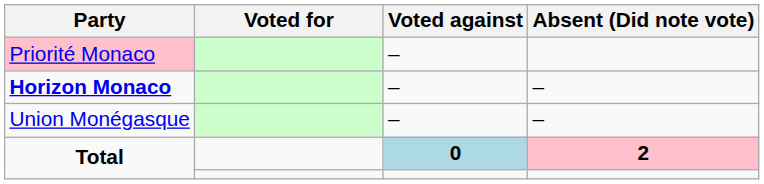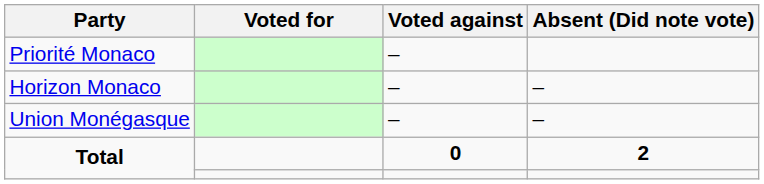 <table class="wikitable">
 <tr>
 <th>Party</th>
 <th style="width:25%;">Voted for</th>
 <th>Voted against</th>
 <th>Absent (Did note vote)</th>
 </tr>
 <tr>
-<td style="background: pink;"> <a href='#'>Priorité Monaco</a></td>
+<td> <a href='#'>Priorité Monaco</a></td>
 <td style="background-color:#CCFFCC;"></td>
 <td>–</td>
 <td></td>
 </tr>
 <tr>
-<td><strong> <a href='#'>Horizon Monaco</a></strong></td>
+<td> <a href='#'>Horizon Monaco</a></td>
 <td style="background-color:#CCFFCC;"></td>
 <td>–</td>
 <td>–</td>
 </tr>
 <tr>
 <td> <a href='#'>Union Monégasque</a></td>
 <td style="background-color:#CCFFCC;"></td>
 <td>–</td>
 <td>–</td>
 </tr>
 <tr>
 <td style="text-align:center;" rowspan="2"><strong>Total</strong></td>
 <td></td>
-<td style="background: lightblue; text-align:center;"><strong>0</strong></td>
-<td style="background: pink; text-align:center;"><strong>2</strong></td>
+<td style="text-align:center;"><strong>0</strong></td>
+<td style="text-align:center;"><strong>2</strong></td>
 </tr>
 <tr>
 <td style="text-align:center;"></td>
 <td style="text-align:center;"></td>
 <td style="text-align:center;"></td>
 </tr>
 </table>
